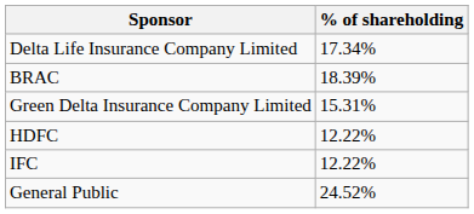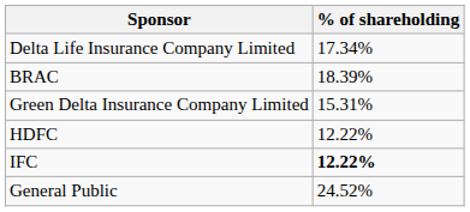 <table class="wikitable">
 <tr>
 <th>Sponsor</th>
 <th>% of shareholding</th>
 </tr>
 <tr>
 <td>Delta Life Insurance Company Limited</td>
 <td>17.34%</td>
 </tr>
 <tr>
 <td>BRAC</td>
 <td>18.39%</td>
 </tr>
 <tr>
 <td>Green Delta Insurance Company Limited</td>
 <td>15.31%</td>
 </tr>
 <tr>
 <td>HDFC</td>
 <td>12.22%</td>
 </tr>
 <tr>
 <td>IFC</td>
-<td>12.22%</td>
+<td><strong>12.22%</strong></td>
 </tr>
 <tr>
 <td>General Public</td>
 <td>24.52%</td>
 </tr>
 </table>
